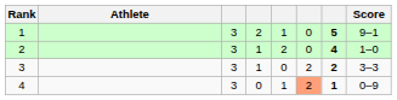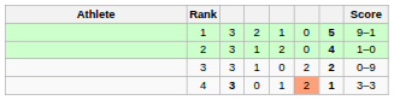 <table class="wikitable" style="text-align: center; font-size:90% ">
 <tr>
+<th width=225>Athlete</th>
 <th width=25>Rank</th>
-<th width=225>Athlete</th>
 <th width=25></th>
 <th width=25></th>
 <th width=25></th>
 <th width=25></th>
 <th width=25></th>
 <th width=50>Score</th>
 </tr>
 <tr bgcolor="ccffcc">
+<td align=left></td>
 <td>1</td>
-<td align=left></td>
 <td>3</td>
 <td>2</td>
 <td>1</td>
 <td>0</td>
 <td><strong>5</strong></td>
 <td>9–1</td>
 </tr>
 <tr bgcolor="ccffcc">
+<td align=left></td>
 <td>2</td>
-<td align=left></td>
 <td>3</td>
 <td>1</td>
 <td>2</td>
 <td>0</td>
 <td><strong>4</strong></td>
 <td>1–0</td>
 </tr>
 <tr>
+<td align=left></td>
 <td>3</td>
-<td align=left></td>
 <td>3</td>
 <td>1</td>
 <td>0</td>
 <td>2</td>
 <td><strong>2</strong></td>
-<td>3–3</td>
+<td>0–9</td>
 </tr>
 <tr>
+<td align=left></td>
 <td>4</td>
-<td align=left></td>
-<td>3</td>
+<td><strong>3</strong></td>
 <td>0</td>
 <td>1</td>
 <td style="background: lightsalmon;">2</td>
 <td><strong>1</strong></td>
-<td>0–9</td>
+<td>3–3</td>
 </tr>
 </table>
